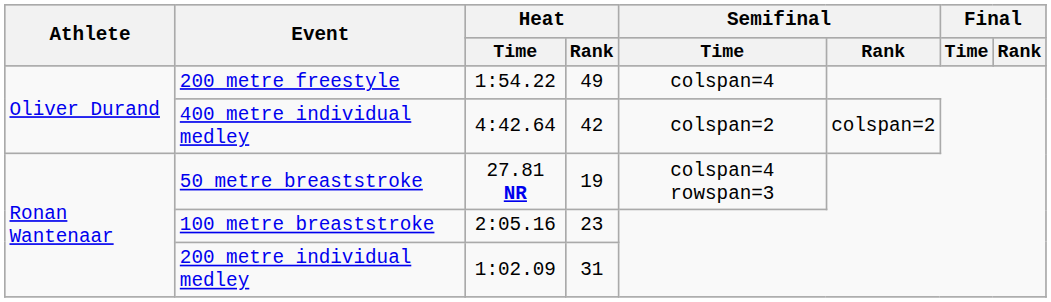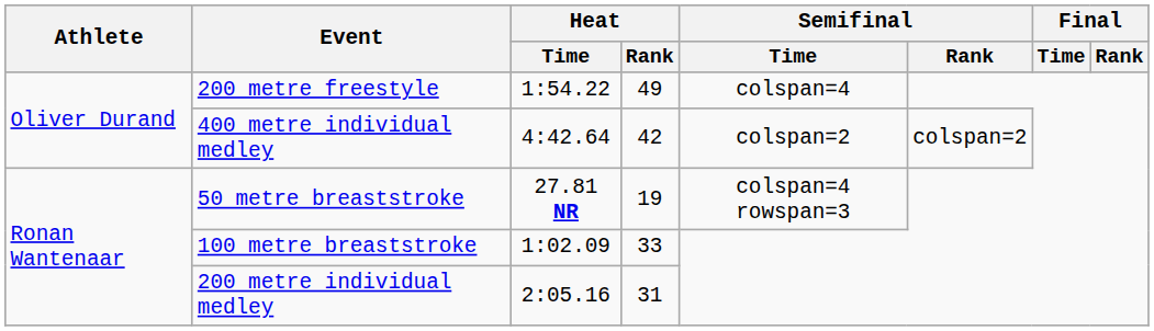 <table class="wikitable" style="text-align:center; font-size:90%; width:50%;">
 <tr>
 <th rowspan="2">Athlete</th>
 <th rowspan="2">Event</th>
 <th colspan="2">Heat</th>
 <th colspan="2">Semifinal</th>
 <th colspan="2">Final</th>
 </tr>
 <tr style="font-size:95%">
 <th>Time</th>
 <th>Rank</th>
 <th>Time</th>
 <th>Rank</th>
 <th>Time</th>
 <th>Rank</th>
 </tr>
 <tr align=center>
 <td align=left  rowspan=2><a href='#'>Oliver Durand</a></td>
 <td align=left><a href='#'>200 metre freestyle</a></td>
 <td>1:54.22</td>
 <td>49</td>
 <td>colspan=4 </td>
 </tr>
 <tr align=center>
 <td align=left><a href='#'>400 metre individual medley</a></td>
 <td>4:42.64</td>
 <td>42</td>
 <td>colspan=2 </td>
 <td>colspan=2 </td>
 </tr>
 <tr align=center>
 <td align=left rowspan=3><a href='#'>Ronan Wantenaar</a></td>
 <td align=left><a href='#'>50 metre breaststroke</a></td>
 <td>27.81 <strong><a href='#'>NR</a></strong></td>
 <td>19</td>
 <td>colspan=4   rowspan=3</td>
 </tr>
 <tr align=center>
 <td align=left><a href='#'>100 metre breaststroke</a></td>
-<td>2:05.16</td>
-<td>23</td>
+<td>1:02.09</td>
+<td>33</td>
 </tr>
 <tr align=center>
 <td align=left><a href='#'>200 metre individual medley</a></td>
-<td>1:02.09</td>
+<td>2:05.16</td>
 <td>31</td>
 </tr>
 </table>
